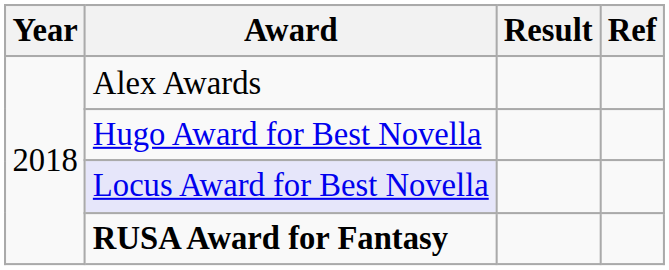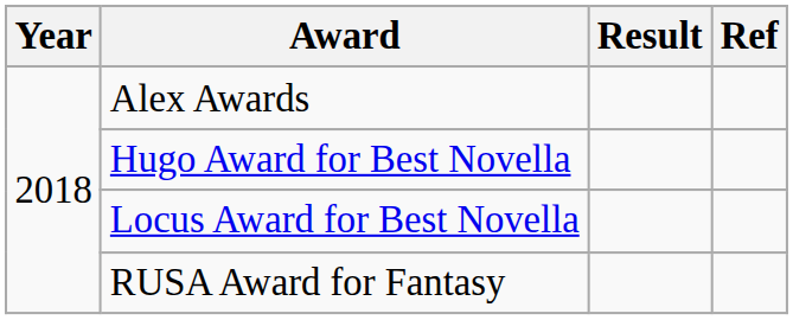 <table class="wikitable sortable mw-collapsible">
 <tr>
 <th>Year</th>
 <th>Award</th>
 <th>Result</th>
 <th>Ref</th>
 </tr>
 <tr>
 <td rowspan="4">2018</td>
 <td>Alex Awards</td>
 <td></td>
 <td></td>
 </tr>
 <tr>
 <td><a href='#'>Hugo Award for Best Novella</a></td>
 <td></td>
 <td></td>
 </tr>
 <tr>
-<td style="background: lavender;"><a href='#'>Locus Award for Best Novella</a></td>
+<td><a href='#'>Locus Award for Best Novella</a></td>
 <td></td>
 <td></td>
 </tr>
 <tr>
-<td><strong>RUSA Award for Fantasy</strong></td>
+<td>RUSA Award for Fantasy</td>
 <td></td>
 <td></td>
 </tr>
 </table>
